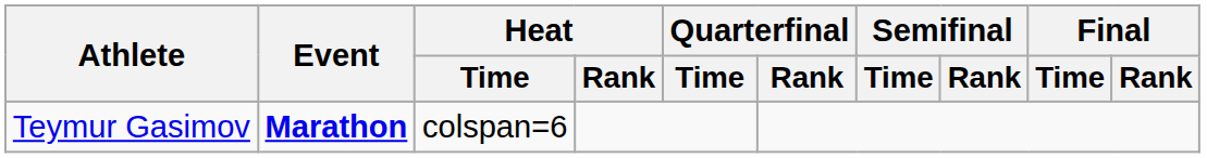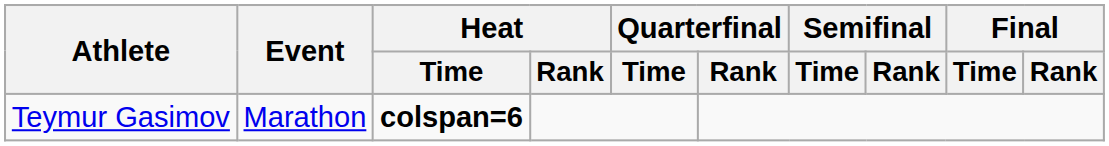 <table class=wikitable style=font-size:90%;text-align:center>
 <tr>
 <th rowspan=2>Athlete</th>
 <th rowspan=2>Event</th>
 <th colspan=2>Heat</th>
 <th colspan=2>Quarterfinal</th>
 <th colspan=2>Semifinal</th>
 <th colspan=2>Final</th>
 </tr>
 <tr style=font-size:95%>
 <th>Time</th>
 <th>Rank</th>
 <th>Time</th>
 <th>Rank</th>
 <th>Time</th>
 <th>Rank</th>
 <th>Time</th>
 <th>Rank</th>
 </tr>
 <tr>
 <td align=left><a href='#'>Teymur Gasimov</a></td>
-<td align=left><strong><a href='#'>Marathon</a></strong></td>
-<td>colspan=6 </td>
+<td align=left><a href='#'>Marathon</a></td>
+<td><strong>colspan=6 </strong></td>
 <td colspan=2></td>
 </tr>
 </table>
